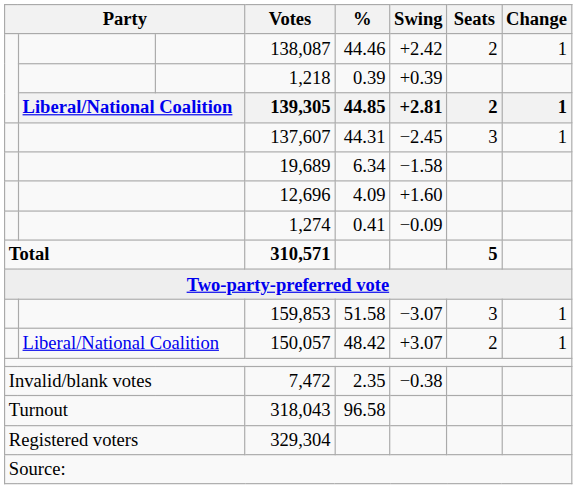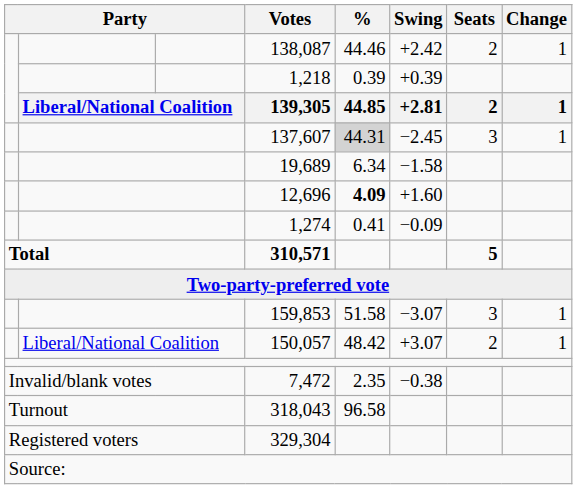 <table class="wikitable">
 <tr>
 <th colspan="3" style="width:200px"><strong>Party</strong></th>
 <th style="width:70px; text-align:center;"><strong>Votes</strong></th>
 <th style="width:40px; text-align:center;"><strong>%</strong></th>
 <th style="width:40px; text-align:center;"><strong>Swing</strong></th>
 <th style="width:40px; text-align:center;"><strong>Seats</strong></th>
 <th style="width:40px; text-align:center;"><strong>Change</strong></th>
 </tr>
 <tr>
 <td rowspan="3"> </td>
 <td> </td>
 <td></td>
 <td align=right>138,087</td>
 <td align=right>44.46</td>
 <td align=right>+2.42</td>
 <td align=right>2</td>
 <td align=right> 1</td>
 </tr>
 <tr>
 <td> </td>
 <td></td>
 <td align=right>1,218</td>
 <td align=right>0.39</td>
 <td align=right>+0.39</td>
 <td align=right></td>
 <td align=right></td>
 </tr>
 <tr>
 <th colspan="2" style="text-align:left;"><a href='#'>Liberal/National Coalition</a></th>
 <th style="text-align:right;">139,305</th>
 <th style="text-align:right;">44.85</th>
 <th style="text-align:right;">+2.81</th>
 <th style="text-align:right;">2</th>
 <th style="text-align:right;"> 1</th>
 </tr>
 <tr>
 <td> </td>
 <td colspan=2></td>
 <td align=right>137,607</td>
-<td align=right>44.31</td>
+<td align=right style="background: lightgrey;">44.31</td>
 <td align=right>−2.45</td>
 <td align=right>3</td>
 <td align=right> 1</td>
 </tr>
 <tr>
 <td> </td>
 <td colspan=2></td>
 <td align=right>19,689</td>
 <td align=right>6.34</td>
 <td align=right>−1.58</td>
 <td align=right></td>
 <td align=right></td>
 </tr>
 <tr>
 <td> </td>
 <td colspan=2></td>
 <td align=right>12,696</td>
-<td align=right>4.09</td>
+<td align=right><strong>4.09</strong></td>
 <td align=right>+1.60</td>
 <td align=right></td>
 <td align=right></td>
 </tr>
 <tr>
 <td> </td>
 <td colspan=2></td>
 <td align=right>1,274</td>
 <td align=right>0.41</td>
 <td align=right>−0.09</td>
 <td align=right></td>
 <td align=right></td>
 </tr>
 <tr>
 <td colspan="3" align="left"><strong>Total</strong></td>
 <td align=right><strong>310,571</strong></td>
 <td align=right></td>
 <td align=right></td>
 <td align=right><strong>5</strong></td>
 <td align=right></td>
 </tr>
 <tr>
 <td colspan="8" style="text-align:center; background:#eee;"><strong><a href='#'>Two-party-preferred vote</a></strong></td>
 </tr>
 <tr>
 <td> </td>
 <td colspan=2></td>
 <td align=right>159,853</td>
 <td align=right>51.58</td>
 <td align=right>−3.07</td>
 <td align=right>3</td>
 <td align=right> 1</td>
 </tr>
 <tr>
 <td> </td>
 <td colspan=2><a href='#'>Liberal/National Coalition</a></td>
 <td align=right>150,057</td>
 <td align=right>48.42</td>
 <td align=right>+3.07</td>
 <td align=right>2</td>
 <td align=right> 1</td>
 </tr>
 <tr>
 <td colspan="8"></td>
 </tr>
 <tr>
 <td colspan="3" style="text-align:left;">Invalid/blank votes</td>
 <td align=right>7,472</td>
 <td align=right>2.35</td>
 <td align=right>−0.38</td>
 <td></td>
 <td></td>
 </tr>
 <tr>
 <td colspan="3" style="text-align:left;">Turnout</td>
 <td align=right>318,043</td>
 <td align=right>96.58</td>
 <td></td>
 <td></td>
 <td></td>
 </tr>
 <tr>
 <td colspan="3" style="text-align:left;">Registered voters</td>
 <td align=right>329,304</td>
 <td></td>
 <td></td>
 <td></td>
 <td></td>
 </tr>
 <tr>
 <td colspan="8" align="left">Source: </td>
 </tr>
 </table>
